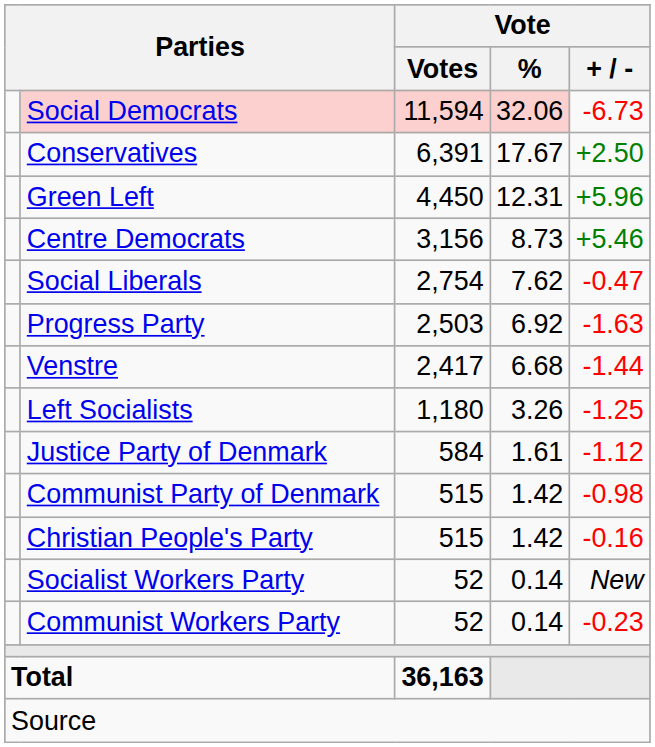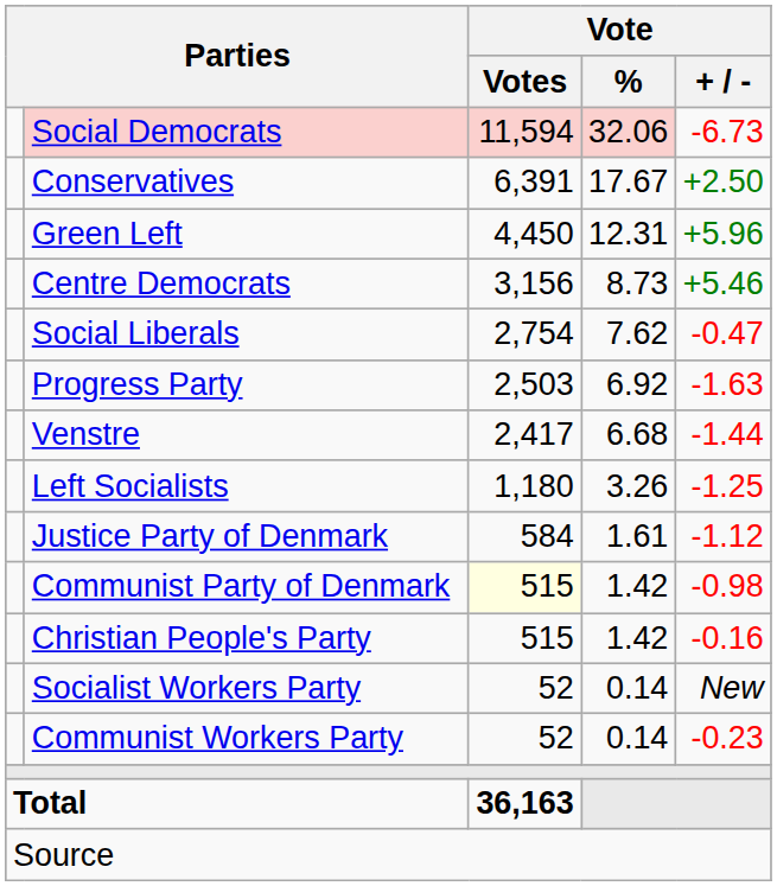 <table class="wikitable" style="text-align:right;">
 <tr>
 <th style="text-align:centre;" rowspan="2" colspan="2" width="225">Parties</th>
 <th colspan="3">Vote</th>
 </tr>
 <tr>
 <th width="15">Votes</th>
 <th width="15">%</th>
 <th width="15">+ / -</th>
 </tr>
 <tr>
 <td width="2" style="color:inherit;background:"></td>
 <td bgcolor=#fbd0ce  align="left"><a href='#'>Social Democrats</a></td>
 <td bgcolor=#fbd0ce>11,594</td>
 <td bgcolor=#fbd0ce>32.06</td>
 <td style=color:red;>-6.73</td>
 </tr>
 <tr>
 <td width="2" style="color:inherit;background:"></td>
 <td align="left"><a href='#'>Conservatives</a></td>
 <td>6,391</td>
 <td>17.67</td>
 <td style=color:green;>+2.50</td>
 </tr>
 <tr>
 <td width="2" style="color:inherit;background:"></td>
 <td align="left"><a href='#'>Green Left</a></td>
 <td>4,450</td>
 <td>12.31</td>
 <td style=color:green;>+5.96</td>
 </tr>
 <tr>
 <td width="2" style="color:inherit;background:"></td>
 <td align="left"><a href='#'>Centre Democrats</a></td>
 <td>3,156</td>
 <td>8.73</td>
 <td style=color:green;>+5.46</td>
 </tr>
 <tr>
 <td width="2" style="color:inherit;background:"></td>
 <td align="left"><a href='#'>Social Liberals</a></td>
 <td>2,754</td>
 <td>7.62</td>
 <td style=color:red;>-0.47</td>
 </tr>
 <tr>
 <td width="2" style="color:inherit;background:"></td>
 <td align="left"><a href='#'>Progress Party</a></td>
 <td>2,503</td>
 <td>6.92</td>
 <td style=color:red;>-1.63</td>
 </tr>
 <tr>
 <td width="2" style="color:inherit;background:"></td>
 <td align="left"><a href='#'>Venstre</a></td>
 <td>2,417</td>
 <td>6.68</td>
 <td style=color:red;>-1.44</td>
 </tr>
 <tr>
 <td width="2" style="color:inherit;background:"></td>
 <td align="left"><a href='#'>Left Socialists</a></td>
 <td>1,180</td>
 <td>3.26</td>
 <td style=color:red;>-1.25</td>
 </tr>
 <tr>
 <td width="2" style="color:inherit;background:"></td>
 <td align="left"><a href='#'>Justice Party of Denmark</a></td>
 <td>584</td>
 <td>1.61</td>
 <td style=color:red;>-1.12</td>
 </tr>
 <tr>
 <td width="2" style="color:inherit;background:"></td>
 <td align="left"><a href='#'>Communist Party of Denmark</a></td>
-<td>515</td>
+<td style="background: lightyellow;">515</td>
 <td>1.42</td>
 <td style=color:red;>-0.98</td>
 </tr>
 <tr>
 <td width="2" style="color:inherit;background:"></td>
 <td align="left"><a href='#'>Christian People's Party</a></td>
 <td>515</td>
 <td>1.42</td>
 <td style=color:red;>-0.16</td>
 </tr>
 <tr>
 <td width="2" style="color:inherit;background:"></td>
 <td align="left"><a href='#'>Socialist Workers Party</a></td>
 <td>52</td>
 <td>0.14</td>
 <td><em>New</em></td>
 </tr>
 <tr>
 <td width="2" style="color:inherit;background:"></td>
 <td align="left"><a href='#'>Communist Workers Party</a></td>
 <td>52</td>
 <td>0.14</td>
 <td style=color:red;>-0.23</td>
 </tr>
 <tr>
 <td colspan="7" bgcolor="#E9E9E9"></td>
 </tr>
 <tr>
 <td align="left" colspan="2"><strong>Total</strong></td>
 <td><strong>36,163</strong></td>
 <td bgcolor="#E9E9E9" colspan="2"></td>
 </tr>
 <tr>
 <td align="left" colspan="6">Source</td>
 </tr>
 </table>
